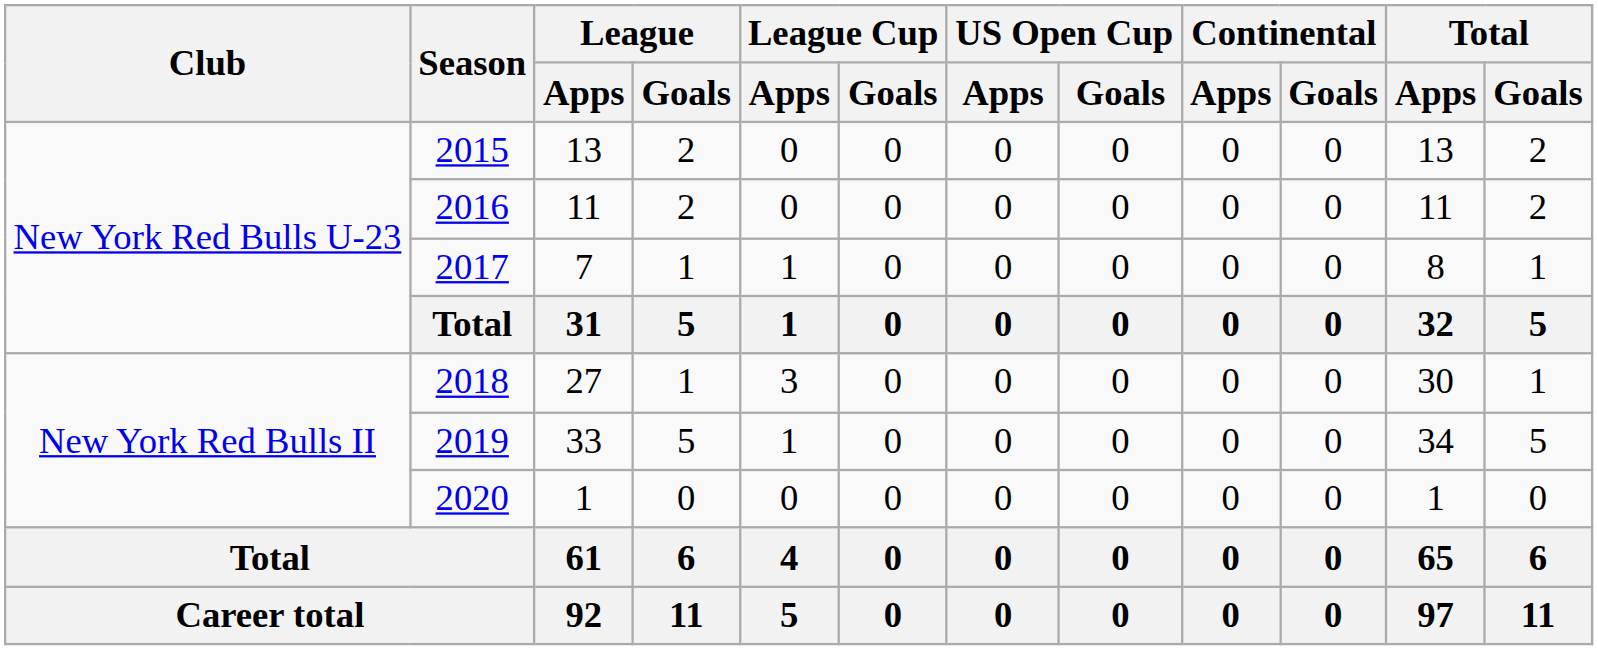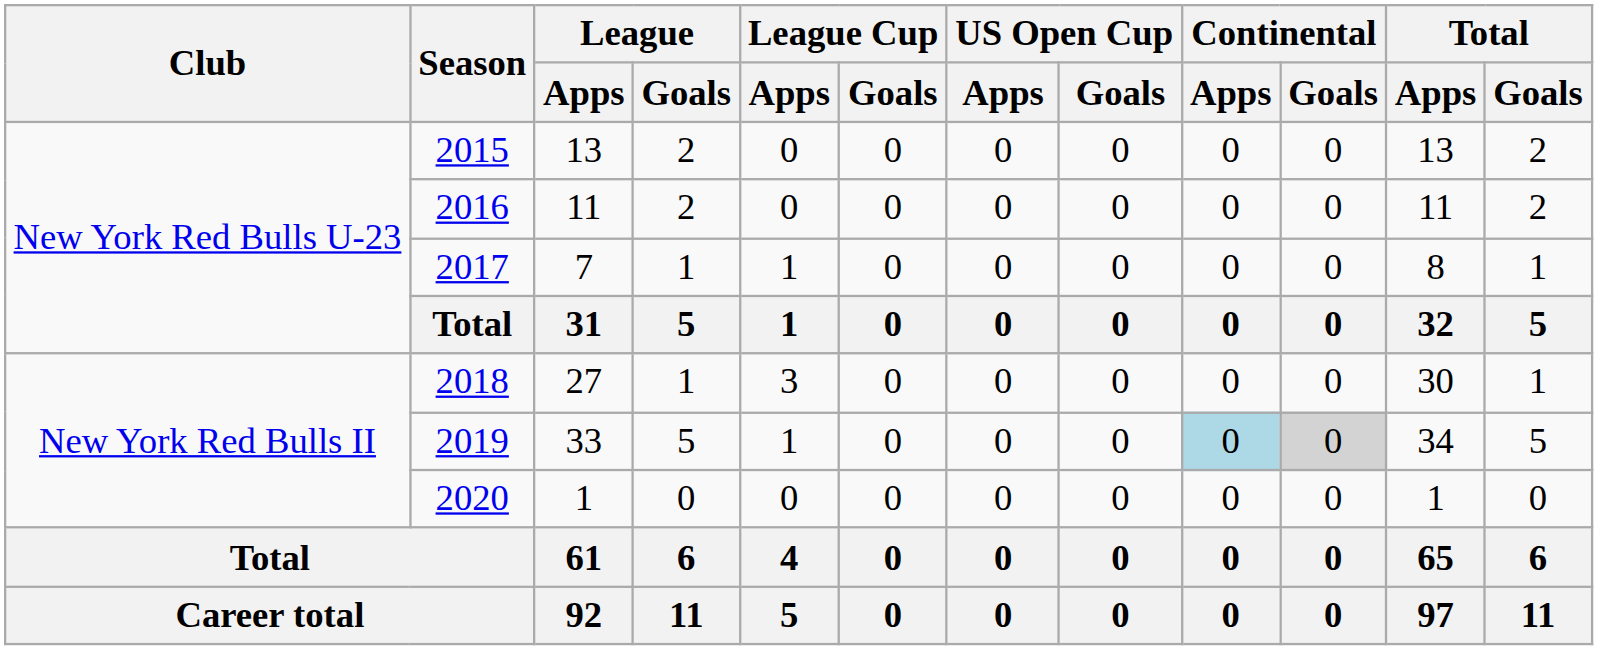 <table class="wikitable" style="text-align: center;">
 <tr>
 <th rowspan="2">Club</th>
 <th rowspan="2">Season</th>
 <th colspan="2">League</th>
 <th colspan="2">League Cup</th>
 <th colspan="2">US Open Cup</th>
 <th colspan="2">Continental</th>
 <th colspan="2">Total</th>
 </tr>
 <tr>
 <th>Apps</th>
 <th>Goals</th>
 <th>Apps</th>
 <th>Goals</th>
 <th>Apps</th>
 <th>Goals</th>
 <th>Apps</th>
 <th>Goals</th>
 <th>Apps</th>
 <th>Goals</th>
 </tr>
 <tr>
 <td rowspan="4"><a href='#'>New York Red Bulls U-23</a></td>
 <td><a href='#'>2015</a></td>
 <td>13</td>
 <td>2</td>
 <td>0</td>
 <td>0</td>
 <td>0</td>
 <td>0</td>
 <td>0</td>
 <td>0</td>
 <td>13</td>
 <td>2</td>
 </tr>
 <tr>
 <td><a href='#'>2016</a></td>
 <td>11</td>
 <td>2</td>
 <td>0</td>
 <td>0</td>
 <td>0</td>
 <td>0</td>
 <td>0</td>
 <td>0</td>
 <td>11</td>
 <td>2</td>
 </tr>
 <tr>
 <td><a href='#'>2017</a></td>
 <td>7</td>
 <td>1</td>
 <td>1</td>
 <td>0</td>
 <td>0</td>
 <td>0</td>
 <td>0</td>
 <td>0</td>
 <td>8</td>
 <td>1</td>
 </tr>
 <tr>
 <th colspan="1">Total</th>
 <th>31</th>
 <th>5</th>
 <th>1</th>
 <th>0</th>
 <th>0</th>
 <th>0</th>
 <th>0</th>
 <th>0</th>
 <th>32</th>
 <th>5</th>
 </tr>
 <tr>
 <td rowspan="3"><a href='#'>New York Red Bulls II</a></td>
 <td><a href='#'>2018</a></td>
 <td>27</td>
 <td>1</td>
 <td>3</td>
 <td>0</td>
 <td>0</td>
 <td>0</td>
 <td>0</td>
 <td>0</td>
 <td>30</td>
 <td>1</td>
 </tr>
 <tr>
 <td><a href='#'>2019</a></td>
 <td>33</td>
 <td>5</td>
 <td>1</td>
 <td>0</td>
 <td>0</td>
 <td>0</td>
-<td>0</td>
-<td>0</td>
+<td style="background: lightblue;">0</td>
+<td style="background: lightgrey;">0</td>
 <td>34</td>
 <td>5</td>
 </tr>
 <tr>
 <td><a href='#'>2020</a></td>
 <td>1</td>
 <td>0</td>
 <td>0</td>
 <td>0</td>
 <td>0</td>
 <td>0</td>
 <td>0</td>
 <td>0</td>
 <td>1</td>
 <td>0</td>
 </tr>
 <tr>
 <th colspan="2">Total</th>
 <th>61</th>
 <th>6</th>
 <th>4</th>
 <th>0</th>
 <th>0</th>
 <th>0</th>
 <th>0</th>
 <th>0</th>
 <th>65</th>
 <th>6</th>
 </tr>
 <tr>
 <th colspan="2">Career total</th>
 <th>92</th>
 <th>11</th>
 <th>5</th>
 <th>0</th>
 <th>0</th>
 <th>0</th>
 <th>0</th>
 <th>0</th>
 <th>97</th>
 <th>11</th>
 </tr>
 </table>
